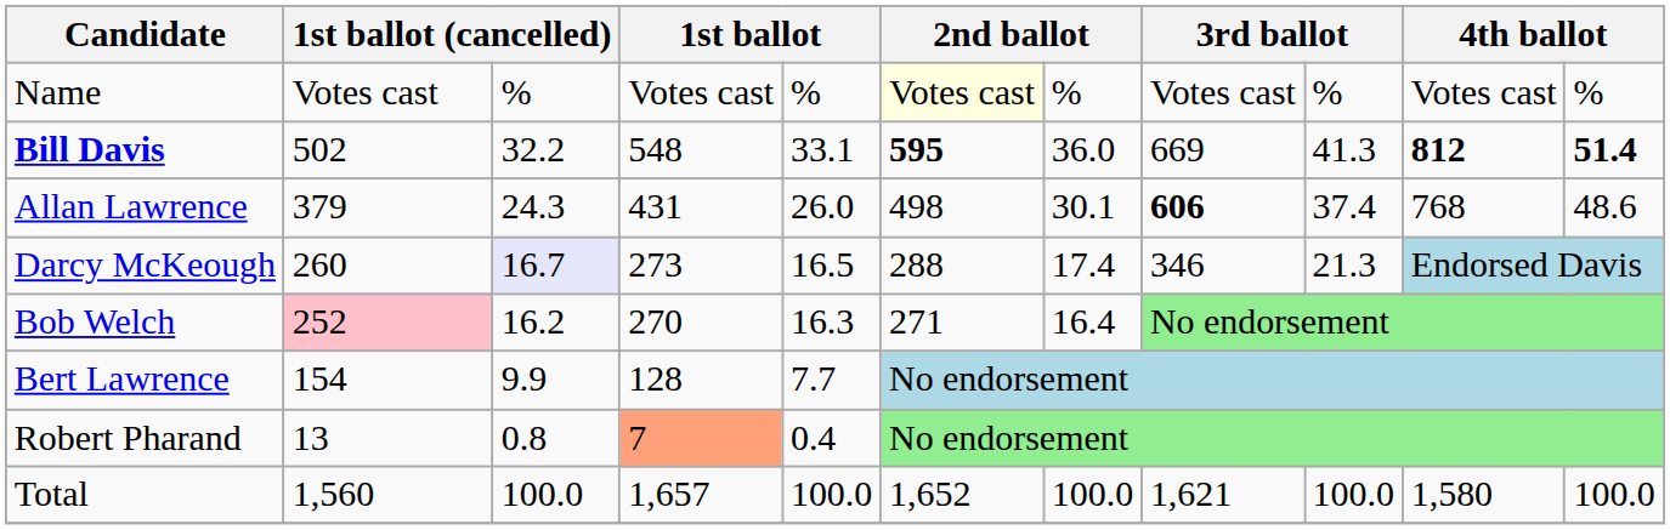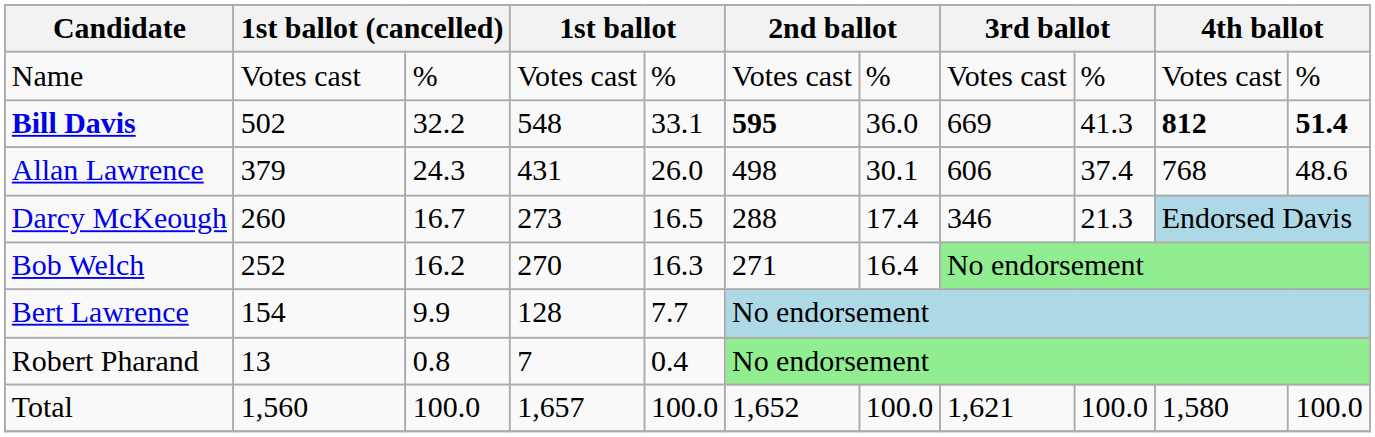 <table class="wikitable">
 <tr>
 <th colspan = "1">Candidate</th>
 <th colspan = "2">1st ballot (cancelled)</th>
 <th colspan = "2">1st ballot</th>
 <th colspan = "2">2nd ballot</th>
 <th colspan = "2">3rd ballot</th>
 <th colspan = "2">4th ballot</th>
 </tr>
 <tr>
 <td>Name</td>
 <td>Votes cast</td>
 <td>%</td>
 <td>Votes cast</td>
 <td>%</td>
-<td style="background: lightyellow;">Votes cast</td>
+<td>Votes cast</td>
 <td>%</td>
 <td>Votes cast</td>
 <td>%</td>
 <td>Votes cast</td>
 <td>%</td>
 </tr>
 <tr>
 <td><strong><a href='#'>Bill Davis</a></strong></td>
 <td>502</td>
 <td>32.2</td>
 <td>548</td>
 <td>33.1</td>
 <td><strong>595</strong></td>
 <td>36.0</td>
 <td>669</td>
 <td>41.3</td>
 <td><strong>812</strong></td>
 <td><strong>51.4</strong></td>
 </tr>
 <tr>
 <td><a href='#'>Allan Lawrence</a></td>
 <td>379</td>
 <td>24.3</td>
 <td>431</td>
 <td>26.0</td>
 <td>498</td>
 <td>30.1</td>
-<td><strong>606</strong></td>
+<td>606</td>
 <td>37.4</td>
 <td>768</td>
 <td>48.6</td>
 </tr>
 <tr>
 <td><a href='#'>Darcy McKeough</a></td>
 <td>260</td>
-<td style="background: lavender;">16.7</td>
+<td>16.7</td>
 <td>273</td>
 <td>16.5</td>
 <td>288</td>
 <td>17.4</td>
 <td>346</td>
 <td>21.3</td>
 <td style="text-align:left;background:lightblue" colspan = "2">Endorsed Davis</td>
 </tr>
 <tr>
 <td><a href='#'>Bob Welch</a></td>
-<td style="background: pink;">252</td>
+<td>252</td>
 <td>16.2</td>
 <td>270</td>
 <td>16.3</td>
 <td>271</td>
 <td>16.4</td>
 <td style="text-align:left;background:lightgreen" colspan = "4">No endorsement</td>
 </tr>
 <tr>
 <td><a href='#'>Bert Lawrence</a></td>
 <td>154</td>
 <td>9.9</td>
 <td>128</td>
 <td>7.7</td>
 <td style="text-align:left;background:lightblue" colspan = "6">No endorsement</td>
 </tr>
 <tr>
 <td>Robert Pharand</td>
 <td>13</td>
 <td>0.8</td>
-<td style="background: lightsalmon;">7</td>
+<td>7</td>
 <td>0.4</td>
 <td style="text-align:left;background:lightgreen" colspan = "6">No endorsement</td>
 </tr>
 <tr>
 <td>Total</td>
 <td>1,560</td>
 <td>100.0</td>
 <td>1,657</td>
 <td>100.0</td>
 <td>1,652</td>
 <td>100.0</td>
 <td>1,621</td>
 <td>100.0</td>
 <td>1,580</td>
 <td>100.0</td>
 </tr>
 <tr>
 </tr>
 </table>
